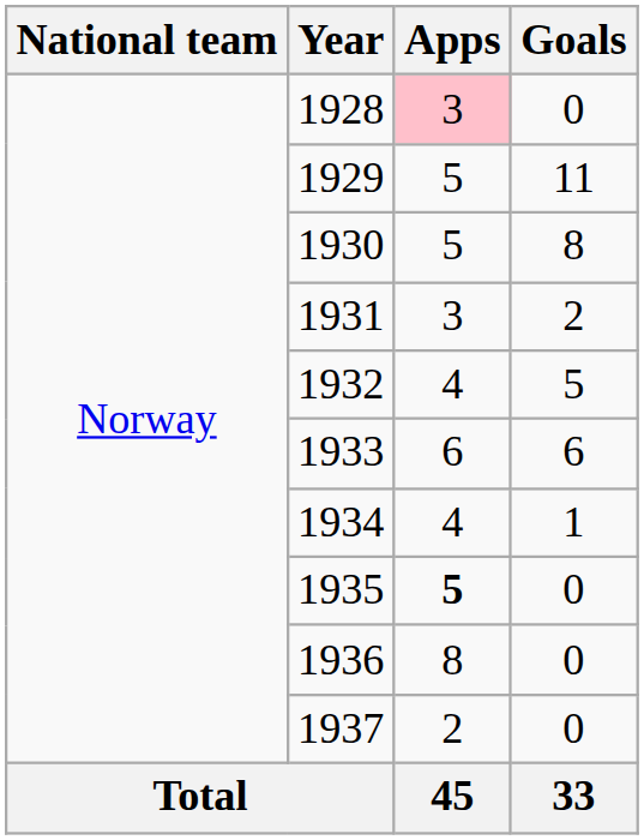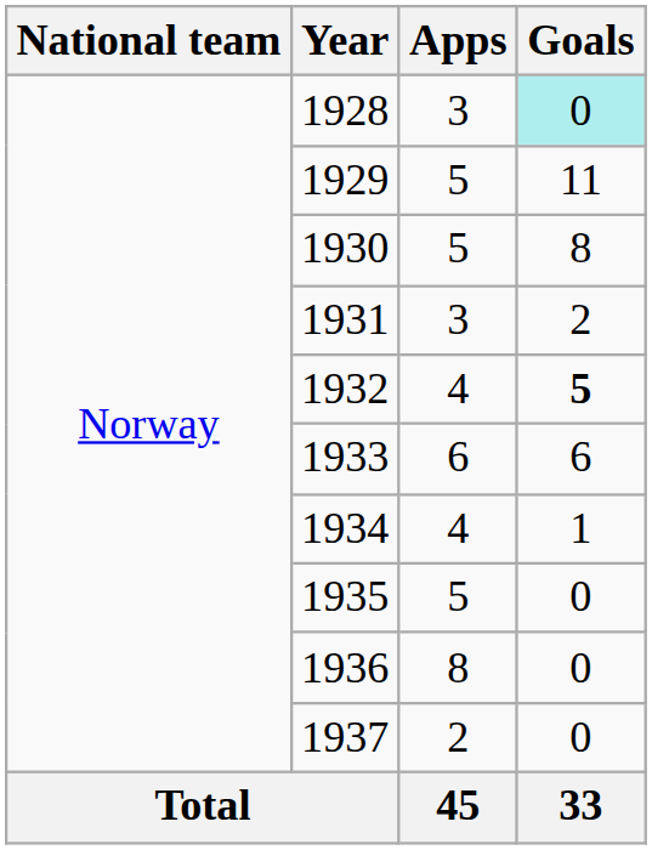 <table class="wikitable" style="text-align:center">
 <tr>
 <th>National team</th>
 <th>Year</th>
 <th>Apps</th>
 <th>Goals</th>
 </tr>
 <tr>
 <td rowspan="10"><a href='#'>Norway</a></td>
 <td>1928</td>
-<td style="background: pink;">3</td>
-<td>0</td>
+<td>3</td>
+<td style="background: paleturquoise;">0</td>
 </tr>
 <tr>
 <td>1929</td>
 <td>5</td>
 <td>11</td>
 </tr>
 <tr>
 <td>1930</td>
 <td>5</td>
 <td>8</td>
 </tr>
 <tr>
 <td>1931</td>
 <td>3</td>
 <td>2</td>
 </tr>
 <tr>
 <td>1932</td>
 <td>4</td>
-<td>5</td>
+<td><strong>5</strong></td>
 </tr>
 <tr>
 <td>1933</td>
 <td>6</td>
 <td>6</td>
 </tr>
 <tr>
 <td>1934</td>
 <td>4</td>
 <td>1</td>
 </tr>
 <tr>
 <td>1935</td>
-<td><strong>5</strong></td>
+<td>5</td>
 <td>0</td>
 </tr>
 <tr>
 <td>1936</td>
 <td>8</td>
 <td>0</td>
 </tr>
 <tr>
 <td>1937</td>
 <td>2</td>
 <td>0</td>
 </tr>
 <tr>
 <th colspan="2">Total</th>
 <th>45</th>
 <th>33</th>
 </tr>
 </table>
